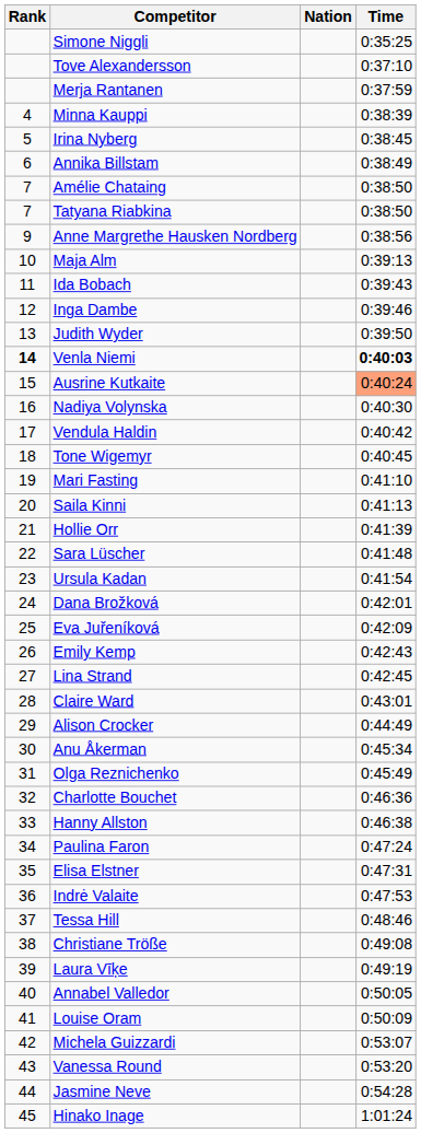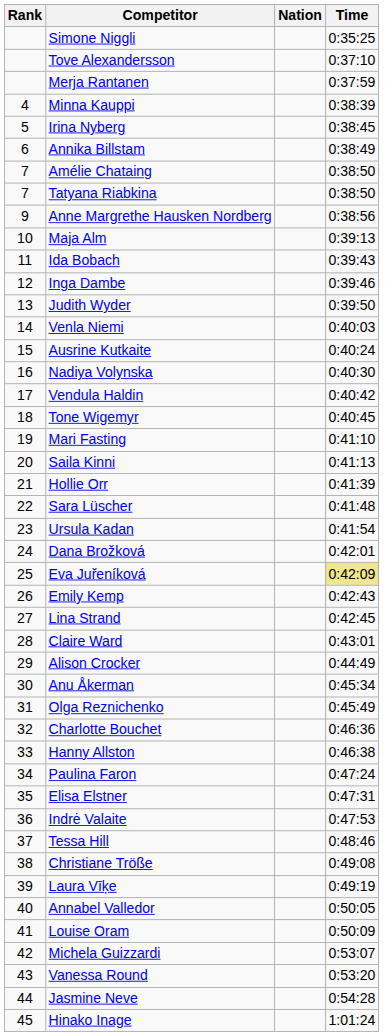 <table class="wikitable sortable" style="text-align:left">
 <tr>
 <th data-sort-type="number">Rank</th>
 <th class="unsortable">Competitor</th>
 <th>Nation</th>
 <th>Time</th>
 </tr>
 <tr>
 <td style="text-align:center"></td>
 <td><a href='#'>Simone Niggli</a></td>
 <td></td>
 <td style="text-align:right"><span>0:</span>35:25</td>
 </tr>
 <tr>
 <td style="text-align:center"></td>
 <td><a href='#'>Tove Alexandersson</a></td>
 <td></td>
 <td style="text-align:right"><span>0:</span>37:10</td>
 </tr>
 <tr>
 <td style="text-align:center"></td>
 <td><a href='#'>Merja Rantanen</a></td>
 <td></td>
 <td style="text-align:right"><span>0:</span>37:59</td>
 </tr>
 <tr>
 <td style="text-align:center">4</td>
 <td><a href='#'>Minna Kauppi</a></td>
 <td></td>
 <td style="text-align:right"><span>0:</span>38:39</td>
 </tr>
 <tr>
 <td style="text-align:center">5</td>
 <td><a href='#'>Irina Nyberg</a></td>
 <td></td>
 <td style="text-align:right"><span>0:</span>38:45</td>
 </tr>
 <tr>
 <td style="text-align:center">6</td>
 <td><a href='#'>Annika Billstam</a></td>
 <td></td>
 <td style="text-align:right"><span>0:</span>38:49</td>
 </tr>
 <tr>
 <td style="text-align:center">7</td>
 <td><a href='#'>Amélie Chataing</a></td>
 <td></td>
 <td style="text-align:right"><span>0:</span>38:50</td>
 </tr>
 <tr>
 <td style="text-align:center">7</td>
 <td><a href='#'>Tatyana Riabkina</a></td>
 <td></td>
 <td style="text-align:right"><span>0:</span>38:50</td>
 </tr>
 <tr>
 <td style="text-align:center">9</td>
 <td><a href='#'>Anne Margrethe Hausken Nordberg</a></td>
 <td></td>
 <td style="text-align:right"><span>0:</span>38:56</td>
 </tr>
 <tr>
 <td style="text-align:center">10</td>
 <td><a href='#'>Maja Alm</a></td>
 <td></td>
 <td style="text-align:right"><span>0:</span>39:13</td>
 </tr>
 <tr>
 <td style="text-align:center">11</td>
 <td><a href='#'>Ida Bobach</a></td>
 <td></td>
 <td style="text-align:right"><span>0:</span>39:43</td>
 </tr>
 <tr>
 <td style="text-align:center">12</td>
 <td><a href='#'>Inga Dambe</a></td>
 <td></td>
 <td style="text-align:right"><span>0:</span>39:46</td>
 </tr>
 <tr>
 <td style="text-align:center">13</td>
 <td><a href='#'>Judith Wyder</a></td>
 <td></td>
 <td style="text-align:right"><span>0:</span>39:50</td>
 </tr>
 <tr>
-<td style="text-align:center"><strong>14</strong></td>
+<td style="text-align:center">14</td>
 <td><a href='#'>Venla Niemi</a></td>
 <td></td>
-<td style="text-align:right"><strong><span>0:</span>40:03</strong></td>
+<td style="text-align:right"><span>0:</span>40:03</td>
 </tr>
 <tr>
 <td style="text-align:center">15</td>
 <td><a href='#'>Ausrine Kutkaite</a></td>
 <td></td>
-<td style="background: lightsalmon; text-align:right"><span>0:</span>40:24</td>
+<td style="text-align:right"><span>0:</span>40:24</td>
 </tr>
 <tr>
 <td style="text-align:center">16</td>
 <td><a href='#'>Nadiya Volynska</a></td>
 <td></td>
 <td style="text-align:right"><span>0:</span>40:30</td>
 </tr>
 <tr>
 <td style="text-align:center">17</td>
 <td><a href='#'>Vendula Haldin</a></td>
 <td></td>
 <td style="text-align:right"><span>0:</span>40:42</td>
 </tr>
 <tr>
 <td style="text-align:center">18</td>
 <td><a href='#'>Tone Wigemyr</a></td>
 <td></td>
 <td style="text-align:right"><span>0:</span>40:45</td>
 </tr>
 <tr>
 <td style="text-align:center">19</td>
 <td><a href='#'>Mari Fasting</a></td>
 <td></td>
 <td style="text-align:right"><span>0:</span>41:10</td>
 </tr>
 <tr>
 <td style="text-align:center">20</td>
 <td><a href='#'>Saila Kinni</a></td>
 <td></td>
 <td style="text-align:right"><span>0:</span>41:13</td>
 </tr>
 <tr>
 <td style="text-align:center">21</td>
 <td><a href='#'>Hollie Orr</a></td>
 <td></td>
 <td style="text-align:right"><span>0:</span>41:39</td>
 </tr>
 <tr>
 <td style="text-align:center">22</td>
 <td><a href='#'>Sara Lüscher</a></td>
 <td></td>
 <td style="text-align:right"><span>0:</span>41:48</td>
 </tr>
 <tr>
 <td style="text-align:center">23</td>
 <td><a href='#'>Ursula Kadan</a></td>
 <td></td>
 <td style="text-align:right"><span>0:</span>41:54</td>
 </tr>
 <tr>
 <td style="text-align:center">24</td>
 <td><a href='#'>Dana Brožková</a></td>
 <td></td>
 <td style="text-align:right"><span>0:</span>42:01</td>
 </tr>
 <tr>
 <td style="text-align:center">25</td>
 <td><a href='#'>Eva Juřeníková</a></td>
 <td></td>
-<td style="text-align:right"><span>0:</span>42:09</td>
+<td style="background: khaki; text-align:right"><span>0:</span>42:09</td>
 </tr>
 <tr>
 <td style="text-align:center">26</td>
 <td><a href='#'>Emily Kemp</a></td>
 <td></td>
 <td style="text-align:right"><span>0:</span>42:43</td>
 </tr>
 <tr>
 <td style="text-align:center">27</td>
 <td><a href='#'>Lina Strand</a></td>
 <td></td>
 <td style="text-align:right"><span>0:</span>42:45</td>
 </tr>
 <tr>
 <td style="text-align:center">28</td>
 <td><a href='#'>Claire Ward</a></td>
 <td></td>
 <td style="text-align:right"><span>0:</span>43:01</td>
 </tr>
 <tr>
 <td style="text-align:center">29</td>
 <td><a href='#'>Alison Crocker</a></td>
 <td></td>
 <td style="text-align:right"><span>0:</span>44:49</td>
 </tr>
 <tr>
 <td style="text-align:center">30</td>
 <td><a href='#'>Anu Åkerman</a></td>
 <td></td>
 <td style="text-align:right"><span>0:</span>45:34</td>
 </tr>
 <tr>
 <td style="text-align:center">31</td>
 <td><a href='#'>Olga Reznichenko</a></td>
 <td></td>
 <td style="text-align:right"><span>0:</span>45:49</td>
 </tr>
 <tr>
 <td style="text-align:center">32</td>
 <td><a href='#'>Charlotte Bouchet</a></td>
 <td></td>
 <td style="text-align:right"><span>0:</span>46:36</td>
 </tr>
 <tr>
 <td style="text-align:center">33</td>
 <td><a href='#'>Hanny Allston</a></td>
 <td></td>
 <td style="text-align:right"><span>0:</span>46:38</td>
 </tr>
 <tr>
 <td style="text-align:center">34</td>
 <td><a href='#'>Paulina Faron</a></td>
 <td></td>
 <td style="text-align:right"><span>0:</span>47:24</td>
 </tr>
 <tr>
 <td style="text-align:center">35</td>
 <td><a href='#'>Elisa Elstner</a></td>
 <td></td>
 <td style="text-align:right"><span>0:</span>47:31</td>
 </tr>
 <tr>
 <td style="text-align:center">36</td>
 <td><a href='#'>Indrė Valaite</a></td>
 <td></td>
 <td style="text-align:right"><span>0:</span>47:53</td>
 </tr>
 <tr>
 <td style="text-align:center">37</td>
 <td><a href='#'>Tessa Hill</a></td>
 <td></td>
 <td style="text-align:right"><span>0:</span>48:46</td>
 </tr>
 <tr>
 <td style="text-align:center">38</td>
 <td><a href='#'>Christiane Tröße</a></td>
 <td></td>
 <td style="text-align:right"><span>0:</span>49:08</td>
 </tr>
 <tr>
 <td style="text-align:center">39</td>
 <td><a href='#'>Laura Vīķe</a></td>
 <td></td>
 <td style="text-align:right"><span>0:</span>49:19</td>
 </tr>
 <tr>
 <td style="text-align:center">40</td>
 <td><a href='#'>Annabel Valledor</a></td>
 <td></td>
 <td style="text-align:right"><span>0:</span>50:05</td>
 </tr>
 <tr>
 <td style="text-align:center">41</td>
 <td><a href='#'>Louise Oram</a></td>
 <td></td>
 <td style="text-align:right"><span>0:</span>50:09</td>
 </tr>
 <tr>
 <td style="text-align:center">42</td>
 <td><a href='#'>Michela Guizzardi</a></td>
 <td></td>
 <td style="text-align:right"><span>0:</span>53:07</td>
 </tr>
 <tr>
 <td style="text-align:center">43</td>
 <td><a href='#'>Vanessa Round</a></td>
 <td></td>
 <td style="text-align:right"><span>0:</span>53:20</td>
 </tr>
 <tr>
 <td style="text-align:center">44</td>
 <td><a href='#'>Jasmine Neve</a></td>
 <td></td>
 <td style="text-align:right"><span>0:</span>54:28</td>
 </tr>
 <tr>
 <td style="text-align:center">45</td>
 <td><a href='#'>Hinako Inage</a></td>
 <td></td>
 <td style="text-align:right">1:01:24</td>
 </tr>
 </table>
